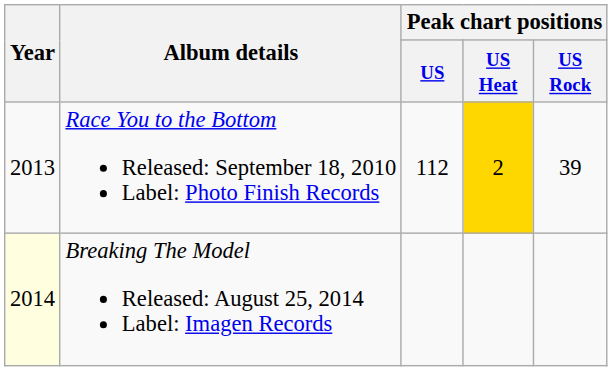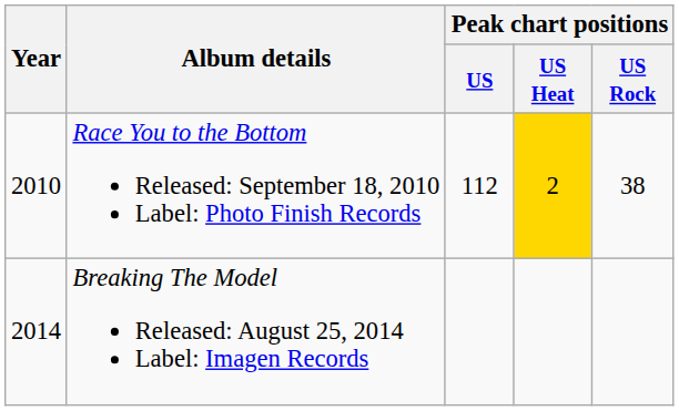 <table class="wikitable">
 <tr>
 <th rowspan="2">Year</th>
 <th rowspan="2">Album details</th>
 <th colspan="3">Peak chart positions</th>
 </tr>
 <tr>
 <th style="width:em"><small><a href='#'>US</a></small></th>
 <th style="width:em"><small><a href='#'>US<br>Heat</a></small></th>
 <th style="width:em"><small><a href='#'>US<br>Rock</a></small></th>
 </tr>
 <tr>
-<td>2013</td>
+<td>2010</td>
 <td><em><a href='#'>Race You to the Bottom</a></em><br><ul><li>Released: September 18, 2010</li><li>Label: <a href='#'>Photo Finish Records</a></li></ul></td>
 <td style="text-align:center;">112</td>
 <td style="background: gold; text-align:center;">2</td>
-<td style="text-align:center;">39</td>
+<td style="text-align:center;">38</td>
 </tr>
 <tr>
-<td style="background: lightyellow;">2014</td>
+<td>2014</td>
 <td><em>Breaking The Model</em><br><ul><li>Released: August 25, 2014</li><li>Label: <a href='#'>Imagen Records</a></li></ul></td>
 <td style="text-align:center;"></td>
 <td style="text-align:center;"></td>
 <td style="text-align:center;"></td>
 </tr>
 </table>
